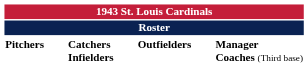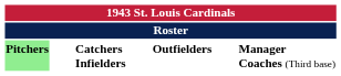 <table class="toccolours" style="font-size: 95%;">
 <tr>
 <th colspan="10" style="background-color: #c41e3a; color: white; text-align: center;">1943 St. Louis Cardinals</th>
 </tr>
 <tr>
 <td colspan="10" style="background-color: #0a2252; color: white; text-align: center;"><strong>Roster</strong></td>
 </tr>
 <tr>
-<td valign="top"><strong>Pitchers</strong><br>          </td>
+<td valign="top" style="background: lightgreen;"><strong>Pitchers</strong><br>          </td>
 <td width="25px"></td>
 <td valign="top"><strong>Catchers</strong><br>   <strong>Infielders</strong>      </td>
 <td width="25px"></td>
 <td valign="top"><strong>Outfielders</strong><br>       </td>
 <td width="25px"></td>
 <td valign="top"><strong>Manager</strong><br> <strong>Coaches</strong>  <small>(Third base)</small> </td>
 </tr>
 </table>
